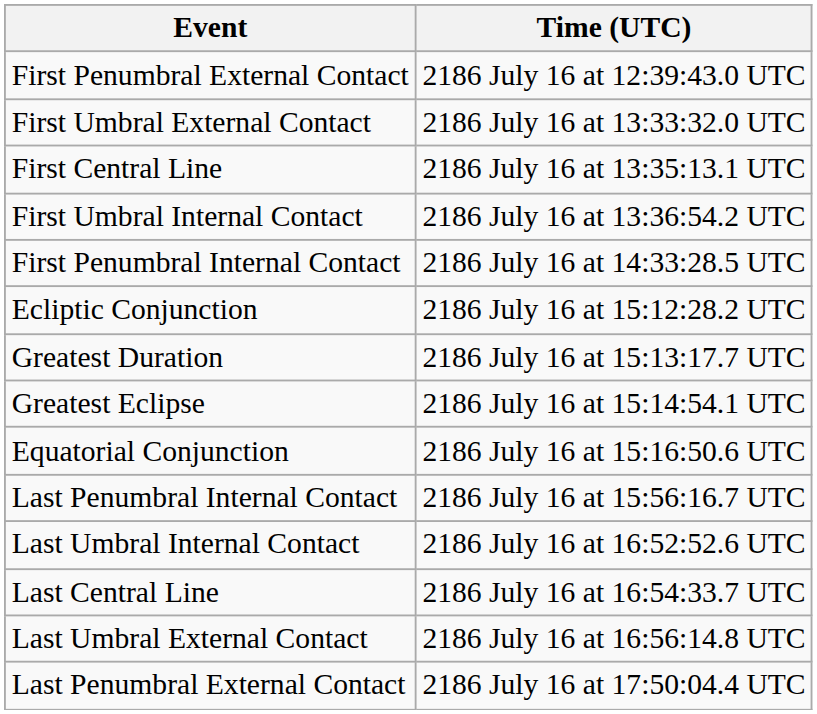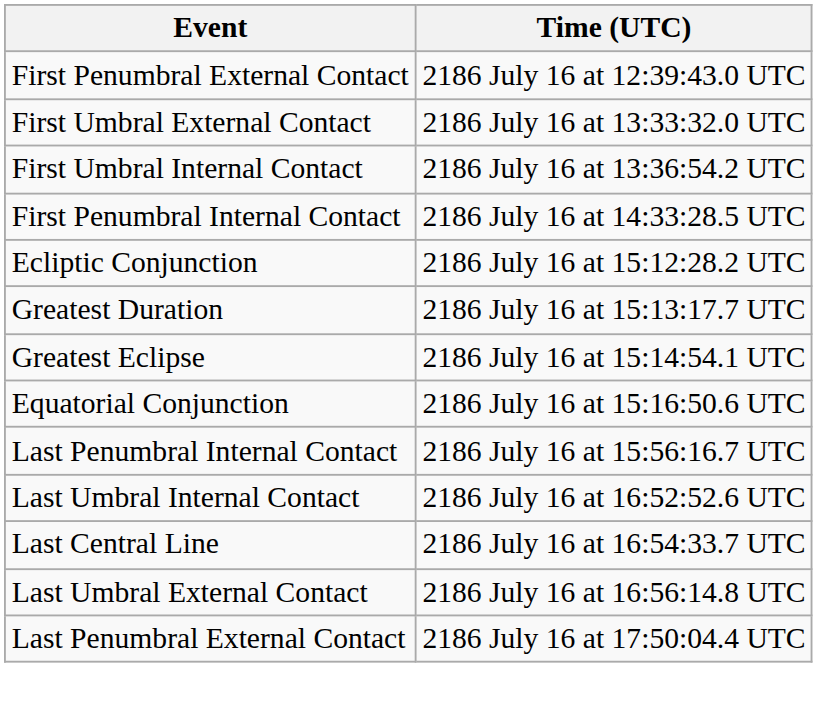 <table class="wikitable">
 <tr>
 <th>Event</th>
 <th>Time (UTC)</th>
 </tr>
 <tr>
 <td>First Penumbral External Contact</td>
 <td>2186 July 16 at 12:39:43.0 UTC</td>
 </tr>
 <tr>
 <td>First Umbral External Contact</td>
 <td>2186 July 16 at 13:33:32.0 UTC</td>
-</tr>
-<tr>
-<td>First Central Line</td>
-<td>2186 July 16 at 13:35:13.1 UTC</td>
 </tr>
 <tr>
 <td>First Umbral Internal Contact</td>
 <td>2186 July 16 at 13:36:54.2 UTC</td>
 </tr>
 <tr>
 <td>First Penumbral Internal Contact</td>
 <td>2186 July 16 at 14:33:28.5 UTC</td>
 </tr>
 <tr>
 <td>Ecliptic Conjunction</td>
 <td>2186 July 16 at 15:12:28.2 UTC</td>
 </tr>
 <tr>
 <td>Greatest Duration</td>
 <td>2186 July 16 at 15:13:17.7 UTC</td>
 </tr>
 <tr>
 <td>Greatest Eclipse</td>
 <td>2186 July 16 at 15:14:54.1 UTC</td>
 </tr>
 <tr>
 <td>Equatorial Conjunction</td>
 <td>2186 July 16 at 15:16:50.6 UTC</td>
 </tr>
 <tr>
 <td>Last Penumbral Internal Contact</td>
 <td>2186 July 16 at 15:56:16.7 UTC</td>
 </tr>
 <tr>
 <td>Last Umbral Internal Contact</td>
 <td>2186 July 16 at 16:52:52.6 UTC</td>
 </tr>
 <tr>
 <td>Last Central Line</td>
 <td>2186 July 16 at 16:54:33.7 UTC</td>
 </tr>
 <tr>
 <td>Last Umbral External Contact</td>
 <td>2186 July 16 at 16:56:14.8 UTC</td>
 </tr>
 <tr>
 <td>Last Penumbral External Contact</td>
 <td>2186 July 16 at 17:50:04.4 UTC</td>
 </tr>
 </table>
